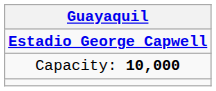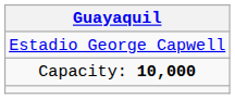 <table class="wikitable" style="text-align:center">
 <tr>
 <th><a href='#'>Guayaquil</a></th>
 </tr>
 <tr>
-<td><strong><a href='#'>Estadio George Capwell</a></strong></td>
+<td><a href='#'>Estadio George Capwell</a></td>
 </tr>
 <tr>
 <td>Capacity: <strong>10,000</strong></td>
 </tr>
 <tr>
 <td></td>
 </tr>
 </table>
